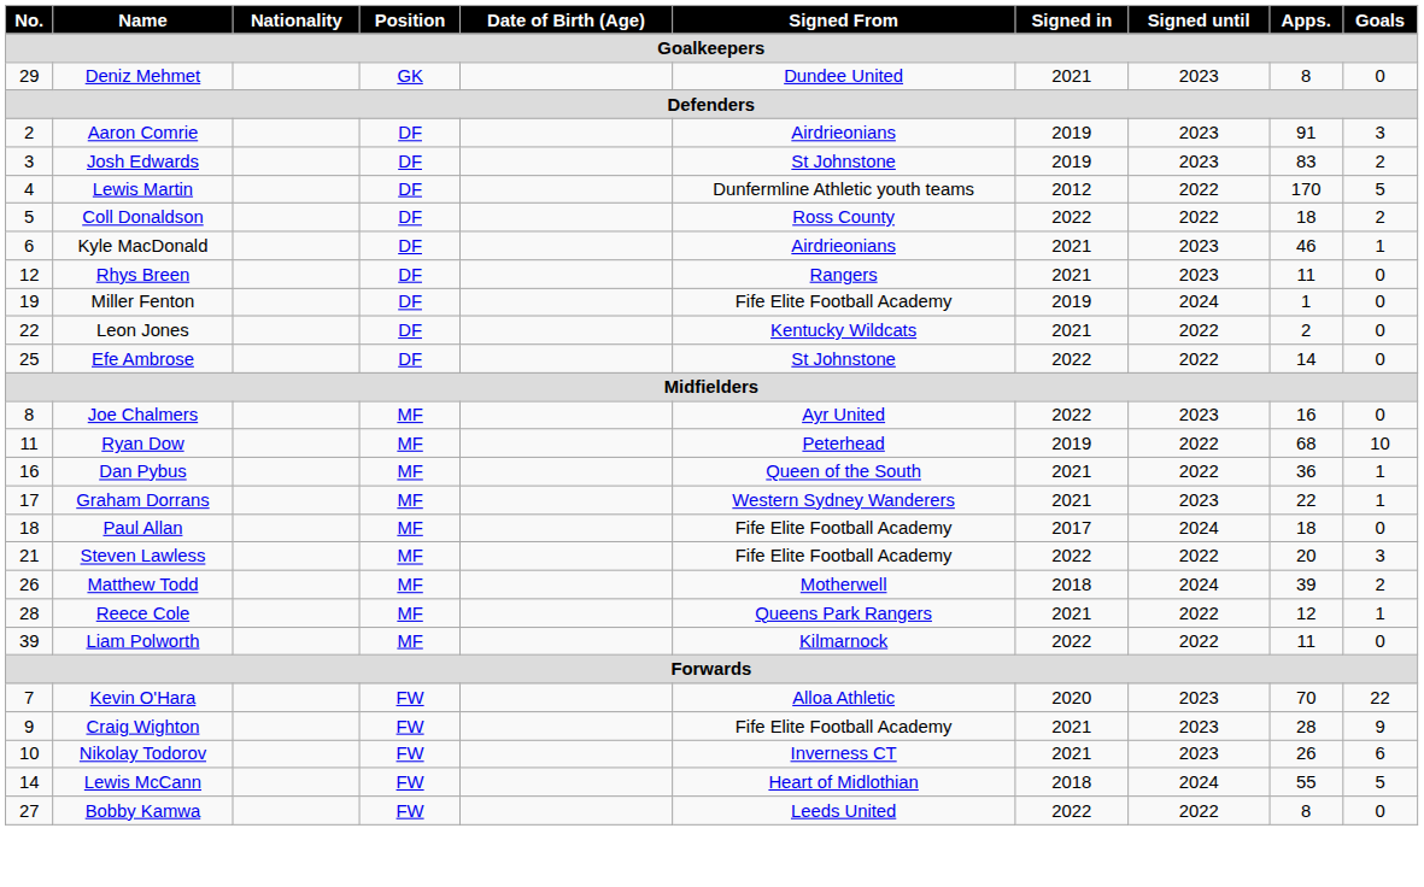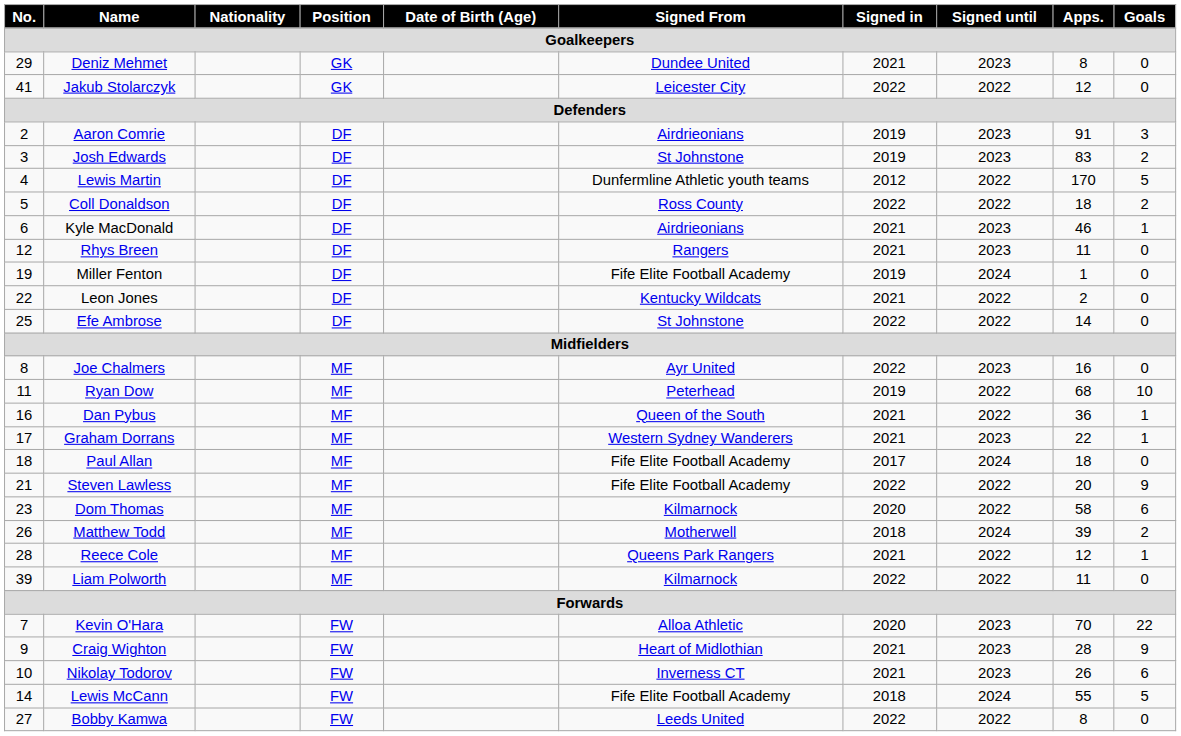 <table class="wikitable"  style="text-align:center; font-size:90%; width:90%;">
 <tr>
 <th style="background:#000000; color:white; text-align:center;">No.</th>
 <th style="background:#000000; color:white; text-align:center;">Name</th>
 <th style="background:#000000; color:white; text-align:center;">Nationality</th>
 <th style="background:#000000; color:white; text-align:center;">Position</th>
 <th style="background:#000000; color:white; text-align:center;">Date of Birth (Age)</th>
 <th style="background:#000000; color:white; text-align:center;">Signed From</th>
 <th style="background:#000000; color:white; text-align:center;">Signed in</th>
 <th style="background:#000000; color:white; text-align:center;">Signed until</th>
 <th style="background:#000000; color:white; text-align:center;">Apps.</th>
 <th style="background:#000000; color:white; te13xt-align:center;">Goals</th>
 </tr>
 <tr>
 <th colspan="10" style="background:#dcdcdc; text-align:center;">Goalkeepers</th>
 </tr>
 <tr>
 <td>29</td>
 <td><a href='#'>Deniz Mehmet</a></td>
 <td></td>
 <td><a href='#'>GK</a></td>
 <td></td>
 <td><a href='#'>Dundee United</a></td>
 <td>2021</td>
 <td>2023</td>
 <td>8</td>
+<td>0</td>
+</tr>
+<tr>
+<td>41</td>
+<td><a href='#'>Jakub Stolarczyk</a></td>
+<td></td>
+<td><a href='#'>GK</a></td>
+<td></td>
+<td> <a href='#'>Leicester City</a></td>
+<td>2022</td>
+<td>2022</td>
+<td>12</td>
 <td>0</td>
 </tr>
 <tr>
 <th colspan="10" style="background:#dcdcdc; text-align:center;">Defenders</th>
 </tr>
 <tr>
 <td>2</td>
 <td><a href='#'>Aaron Comrie</a></td>
 <td></td>
 <td><a href='#'>DF</a></td>
 <td></td>
 <td><a href='#'>Airdrieonians</a></td>
 <td>2019</td>
 <td>2023</td>
 <td>91</td>
 <td>3</td>
 </tr>
 <tr>
 <td>3</td>
 <td><a href='#'>Josh Edwards</a></td>
 <td></td>
 <td><a href='#'>DF</a></td>
 <td></td>
 <td><a href='#'>St Johnstone</a></td>
 <td>2019</td>
 <td>2023</td>
 <td>83</td>
 <td>2</td>
 </tr>
 <tr>
 <td>4</td>
 <td><a href='#'>Lewis Martin</a></td>
 <td></td>
 <td><a href='#'>DF</a></td>
 <td></td>
 <td>Dunfermline Athletic youth teams</td>
 <td>2012</td>
 <td>2022</td>
 <td>170</td>
 <td>5</td>
 </tr>
 <tr>
 <td>5</td>
 <td><a href='#'>Coll Donaldson</a></td>
 <td></td>
 <td><a href='#'>DF</a></td>
 <td></td>
 <td><a href='#'>Ross County</a></td>
 <td>2022</td>
 <td>2022</td>
 <td>18</td>
 <td>2</td>
 </tr>
 <tr>
 <td>6</td>
 <td>Kyle MacDonald</td>
 <td></td>
 <td><a href='#'>DF</a></td>
 <td></td>
 <td><a href='#'>Airdrieonians</a></td>
 <td>2021</td>
 <td>2023</td>
 <td>46</td>
 <td>1</td>
 </tr>
 <tr>
 <td>12</td>
 <td><a href='#'>Rhys Breen</a></td>
 <td></td>
 <td><a href='#'>DF</a></td>
 <td></td>
 <td><a href='#'>Rangers</a></td>
 <td>2021</td>
 <td>2023</td>
 <td>11</td>
 <td>0</td>
 </tr>
 <tr>
 <td>19</td>
 <td>Miller Fenton</td>
 <td></td>
 <td><a href='#'>DF</a></td>
 <td></td>
 <td>Fife Elite Football Academy</td>
 <td>2019</td>
 <td>2024</td>
 <td>1</td>
 <td>0</td>
 </tr>
 <tr>
 <td>22</td>
 <td>Leon Jones</td>
 <td></td>
 <td><a href='#'>DF</a></td>
 <td></td>
 <td> <a href='#'>Kentucky Wildcats</a></td>
 <td>2021</td>
 <td>2022</td>
 <td>2</td>
 <td>0</td>
 </tr>
 <tr>
 <td>25</td>
 <td><a href='#'>Efe Ambrose</a></td>
 <td></td>
 <td><a href='#'>DF</a></td>
 <td></td>
 <td><a href='#'>St Johnstone</a></td>
 <td>2022</td>
 <td>2022</td>
 <td>14</td>
 <td>0</td>
 </tr>
 <tr>
 <th colspan="10" style="background:#dcdcdc; text-align:center;">Midfielders</th>
 </tr>
 <tr>
 <td>8</td>
 <td><a href='#'>Joe Chalmers</a></td>
 <td></td>
 <td><a href='#'>MF</a></td>
 <td></td>
 <td><a href='#'>Ayr United</a></td>
 <td>2022</td>
 <td>2023</td>
 <td>16</td>
 <td>0</td>
 </tr>
 <tr>
 <td>11</td>
 <td><a href='#'>Ryan Dow</a></td>
 <td></td>
 <td><a href='#'>MF</a></td>
 <td></td>
 <td><a href='#'>Peterhead</a></td>
 <td>2019</td>
 <td>2022</td>
 <td>68</td>
 <td>10</td>
 </tr>
 <tr>
 <td>16</td>
 <td><a href='#'>Dan Pybus</a></td>
 <td></td>
 <td><a href='#'>MF</a></td>
 <td></td>
 <td><a href='#'>Queen of the South</a></td>
 <td>2021</td>
 <td>2022</td>
 <td>36</td>
 <td>1</td>
 </tr>
 <tr>
 <td>17</td>
 <td><a href='#'>Graham Dorrans</a></td>
 <td></td>
 <td><a href='#'>MF</a></td>
 <td></td>
 <td> <a href='#'>Western Sydney Wanderers</a></td>
 <td>2021</td>
 <td>2023</td>
 <td>22</td>
 <td>1</td>
 </tr>
 <tr>
 <td>18</td>
 <td><a href='#'>Paul Allan</a></td>
 <td></td>
 <td><a href='#'>MF</a></td>
 <td></td>
 <td>Fife Elite Football Academy</td>
 <td>2017</td>
 <td>2024</td>
 <td>18</td>
 <td>0</td>
 </tr>
 <tr>
 <td>21</td>
 <td><a href='#'>Steven Lawless</a></td>
 <td></td>
 <td><a href='#'>MF</a></td>
 <td></td>
 <td>Fife Elite Football Academy</td>
 <td>2022</td>
 <td>2022</td>
 <td>20</td>
-<td>3</td>
+<td>9</td>
+</tr>
+<tr>
+<td>23</td>
+<td><a href='#'>Dom Thomas</a></td>
+<td></td>
+<td><a href='#'>MF</a></td>
+<td></td>
+<td><a href='#'>Kilmarnock</a></td>
+<td>2020</td>
+<td>2022</td>
+<td>58</td>
+<td>6</td>
 </tr>
 <tr>
 <td>26</td>
 <td><a href='#'>Matthew Todd</a></td>
 <td></td>
 <td><a href='#'>MF</a></td>
 <td></td>
 <td><a href='#'>Motherwell</a></td>
 <td>2018</td>
 <td>2024</td>
 <td>39</td>
 <td>2</td>
 </tr>
 <tr>
 <td>28</td>
 <td><a href='#'>Reece Cole</a></td>
 <td></td>
 <td><a href='#'>MF</a></td>
 <td></td>
 <td> <a href='#'>Queens Park Rangers</a></td>
 <td>2021</td>
 <td>2022</td>
 <td>12</td>
 <td>1</td>
 </tr>
 <tr>
 <td>39</td>
 <td><a href='#'>Liam Polworth</a></td>
 <td></td>
 <td><a href='#'>MF</a></td>
 <td></td>
 <td><a href='#'>Kilmarnock</a></td>
 <td>2022</td>
 <td>2022</td>
 <td>11</td>
 <td>0</td>
 </tr>
 <tr>
 <th colspan="10" style="background:#dcdcdc; text-align:center;"><strong>Forwards</strong></th>
 </tr>
 <tr>
 <td>7</td>
 <td><a href='#'>Kevin O'Hara</a></td>
 <td></td>
 <td><a href='#'>FW</a></td>
 <td></td>
 <td><a href='#'>Alloa Athletic</a></td>
 <td>2020</td>
 <td>2023</td>
 <td>70</td>
 <td>22</td>
 </tr>
 <tr>
 <td>9</td>
 <td><a href='#'>Craig Wighton</a></td>
 <td></td>
 <td><a href='#'>FW</a></td>
 <td></td>
-<td>Fife Elite Football Academy</td>
+<td><a href='#'>Heart of Midlothian</a></td>
 <td>2021</td>
 <td>2023</td>
 <td>28</td>
 <td>9</td>
 </tr>
 <tr>
 <td>10</td>
 <td><a href='#'>Nikolay Todorov</a></td>
 <td></td>
 <td><a href='#'>FW</a></td>
 <td></td>
 <td><a href='#'>Inverness CT</a></td>
 <td>2021</td>
 <td>2023</td>
 <td>26</td>
 <td>6</td>
 </tr>
 <tr>
 <td>14</td>
 <td><a href='#'>Lewis McCann</a></td>
 <td></td>
 <td><a href='#'>FW</a></td>
 <td></td>
-<td><a href='#'>Heart of Midlothian</a></td>
+<td>Fife Elite Football Academy</td>
 <td>2018</td>
 <td>2024</td>
 <td>55</td>
 <td>5</td>
 </tr>
 <tr>
 <td>27</td>
 <td><a href='#'>Bobby Kamwa</a></td>
 <td></td>
 <td><a href='#'>FW</a></td>
 <td></td>
 <td> <a href='#'>Leeds United</a></td>
 <td>2022</td>
 <td>2022</td>
 <td>8</td>
 <td>0</td>
 </tr>
 </table>
